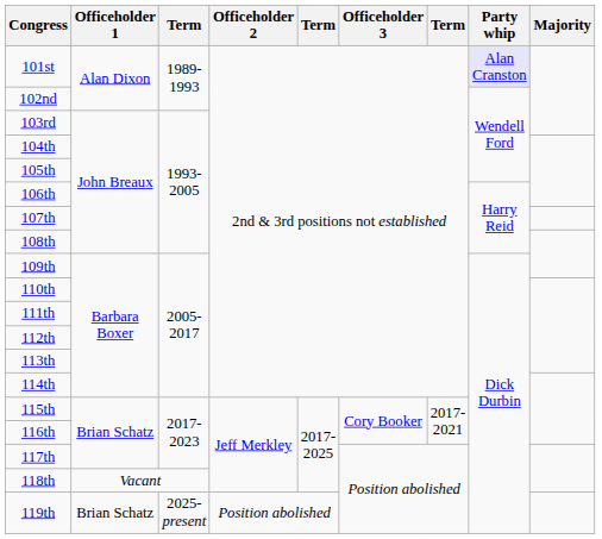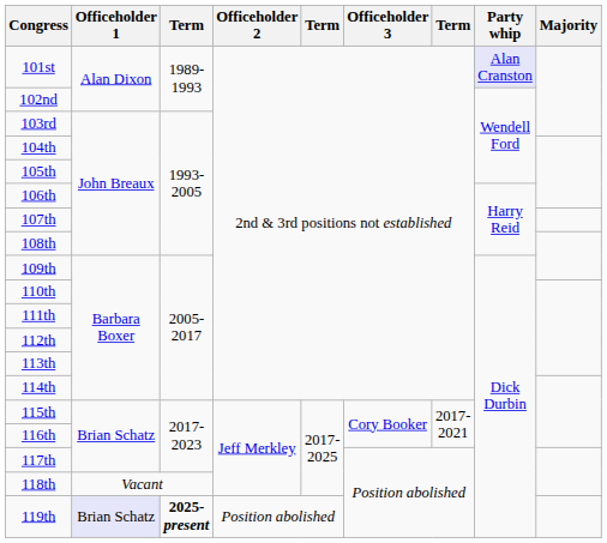 <table class="wikitable sortable" style="text-align:center">
 <tr>
 <th>Congress</th>
 <th>Officeholder 1</th>
 <th>Term</th>
 <th>Officeholder 2</th>
 <th>Term</th>
 <th>Officeholder 3</th>
 <th>Term</th>
 <th>Party whip</th>
 <th>Majority</th>
 </tr>
 <tr>
 <td><a href='#'>101st</a></td>
 <td rowspan=2><a href='#'>Alan Dixon</a><br></td>
 <td rowspan=2>1989-1993</td>
 <td rowspan=14; colspan=4>2nd & 3rd positions not <em>established</em></td>
 <td style="background: lavender;"><a href='#'>Alan Cranston</a></td>
 <td rowspan=3 ></td>
 </tr>
 <tr>
 <td><a href='#'>102nd</a></td>
 <td rowspan=4><a href='#'>Wendell Ford</a></td>
 </tr>
 <tr>
 <td><a href='#'>103rd</a></td>
 <td rowspan=6><a href='#'>John Breaux</a><br></td>
 <td rowspan=6>1993-2005</td>
 </tr>
 <tr>
 <td><a href='#'>104th</a></td>
 <td rowspan=3 ></td>
 </tr>
 <tr>
 <td><a href='#'>105th</a></td>
 </tr>
 <tr>
 <td><a href='#'>106th</a></td>
 <td rowspan=3><a href='#'>Harry Reid</a></td>
 </tr>
 <tr>
 <td><a href='#'>107th</a></td>
 <td></td>
 </tr>
 <tr>
 <td><a href='#'>108th</a></td>
 <td rowspan=2 ></td>
 </tr>
 <tr>
 <td><a href='#'>109th</a></td>
 <td rowspan=6><a href='#'>Barbara Boxer</a><br></td>
 <td rowspan=6>2005-2017</td>
 <td rowspan=11><a href='#'>Dick Durbin</a></td>
 </tr>
 <tr>
 <td><a href='#'>110th</a></td>
 <td rowspan=4 ></td>
 </tr>
 <tr>
 <td><a href='#'>111th</a></td>
 </tr>
 <tr>
 <td><a href='#'>112th</a></td>
 </tr>
 <tr>
 <td><a href='#'>113th</a></td>
 </tr>
 <tr>
 <td><a href='#'>114th</a></td>
 <td rowspan=3 ></td>
 </tr>
 <tr>
 <td><a href='#'>115th</a></td>
 <td rowspan=3><a href='#'>Brian Schatz</a><br></td>
 <td rowspan=3>2017-2023</td>
 <td rowspan=4><a href='#'>Jeff Merkley</a><br></td>
 <td rowspan=4>2017-2025</td>
 <td rowspan=2><a href='#'>Cory Booker</a><br></td>
 <td rowspan=2>2017-2021</td>
 </tr>
 <tr>
 <td><a href='#'>116th</a></td>
 </tr>
 <tr>
 <td><a href='#'>117th</a></td>
 <td rowspan=3; colspan=2><em>Position abolished</em></td>
 <td rowspan=2 > </td>
 </tr>
 <tr>
 <td><a href='#'>118th</a></td>
 <td colspan=2><em>Vacant</em></td>
 </tr>
 <tr>
 <td><a href='#'>119th</a></td>
-<td>Brian Schatz<br></td>
-<td>2025-<em>present</em></td>
+<td style="background: lavender;">Brian Schatz<br></td>
+<td><strong>2025-<em>present</em></strong></td>
 <td colspan=2><em>Position abolished</em></td>
 <td></td>
 </tr>
 </table>
